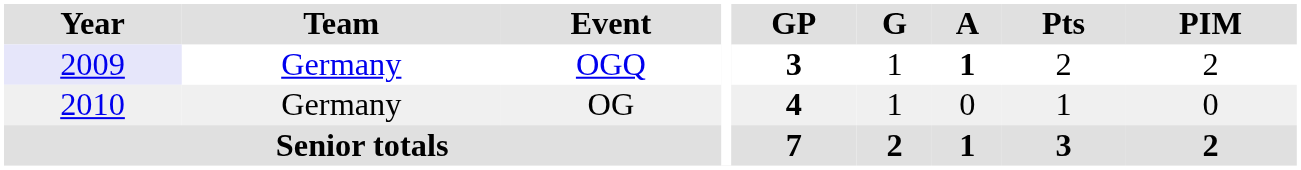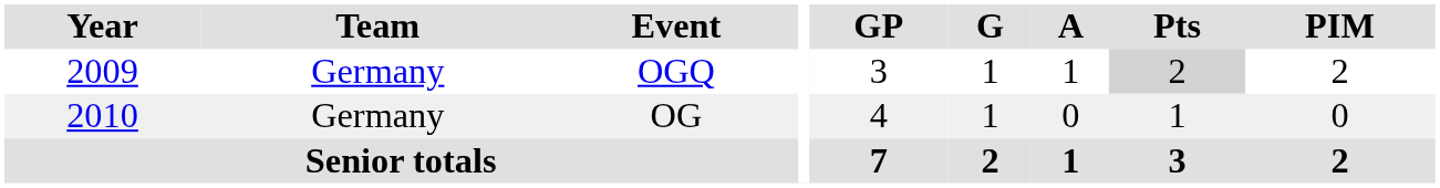 <table border="0" cellpadding="1" cellspacing="0" ID="Table3" style="text-align:center; width:40em">
 <tr ALIGN="center" bgcolor="#e0e0e0">
 <th>Year</th>
 <th>Team</th>
 <th>Event</th>
 <th rowspan="99" bgcolor="#ffffff"></th>
 <th>GP</th>
 <th>G</th>
 <th>A</th>
 <th>Pts</th>
 <th>PIM</th>
 </tr>
 <tr>
-<td style="background: lavender;"><a href='#'>2009</a></td>
+<td><a href='#'>2009</a></td>
 <td><a href='#'>Germany</a></td>
 <td><a href='#'>OGQ</a></td>
-<td><strong>3</strong></td>
+<td>3</td>
 <td>1</td>
-<td><strong>1</strong></td>
-<td>2</td>
+<td>1</td>
+<td style="background: lightgrey;">2</td>
 <td>2</td>
 </tr>
 <tr bgcolor="#f0f0f0">
 <td><a href='#'>2010</a></td>
 <td>Germany</td>
 <td>OG</td>
-<td><strong>4</strong></td>
+<td>4</td>
 <td>1</td>
 <td>0</td>
 <td>1</td>
 <td>0</td>
 </tr>
 <tr bgcolor="#e0e0e0">
 <th colspan="3">Senior totals</th>
 <th>7</th>
 <th>2</th>
 <th>1</th>
 <th>3</th>
 <th>2</th>
 </tr>
 </table>
